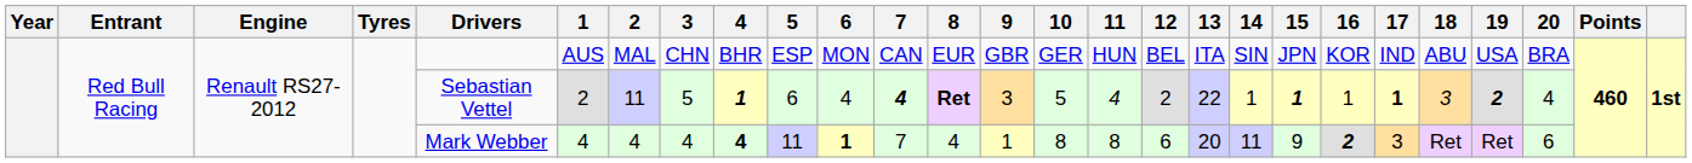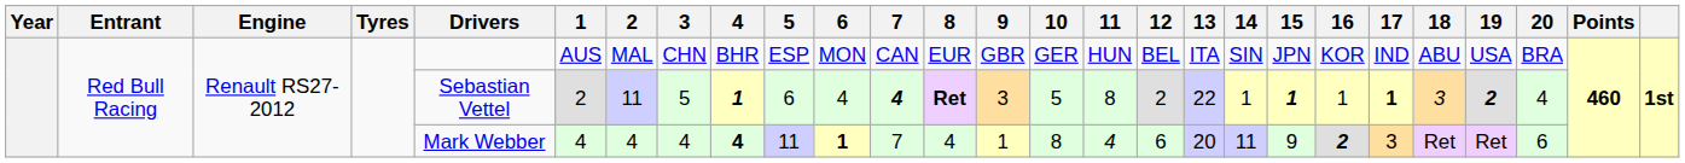 <table class="wikitable" style="text-align:center; font-size:95%">
 <tr>
 <th>Year</th>
 <th>Entrant</th>
 <th>Engine</th>
 <th>Tyres</th>
 <th>Drivers</th>
 <th>1</th>
 <th>2</th>
 <th>3</th>
 <th>4</th>
 <th>5</th>
 <th>6</th>
 <th>7</th>
 <th>8</th>
 <th>9</th>
 <th>10</th>
 <th>11</th>
 <th>12</th>
 <th>13</th>
 <th>14</th>
 <th>15</th>
 <th>16</th>
 <th>17</th>
 <th>18</th>
 <th>19</th>
 <th>20</th>
 <th>Points</th>
 <th></th>
 </tr>
 <tr>
 <th rowspan=3></th>
 <td rowspan=3><a href='#'>Red Bull Racing</a></td>
 <td rowspan=3><a href='#'>Renault</a> RS27-2012</td>
 <td rowspan=3></td>
 <td></td>
 <td><a href='#'>AUS</a></td>
 <td><a href='#'>MAL</a></td>
 <td><a href='#'>CHN</a></td>
 <td><a href='#'>BHR</a></td>
 <td><a href='#'>ESP</a></td>
 <td><a href='#'>MON</a></td>
 <td><a href='#'>CAN</a></td>
 <td><a href='#'>EUR</a></td>
 <td><a href='#'>GBR</a></td>
 <td><a href='#'>GER</a></td>
 <td><a href='#'>HUN</a></td>
 <td><a href='#'>BEL</a></td>
 <td><a href='#'>ITA</a></td>
 <td><a href='#'>SIN</a></td>
 <td><a href='#'>JPN</a></td>
 <td><a href='#'>KOR</a></td>
 <td><a href='#'>IND</a></td>
 <td><a href='#'>ABU</a></td>
 <td><a href='#'>USA</a></td>
 <td><a href='#'>BRA</a></td>
 <td rowspan="3" style="background:#ffffbf;"><strong>460</strong></td>
 <td rowspan="3" style="background:#ffffbf;"><strong>1st</strong></td>
 </tr>
 <tr>
 <td> <a href='#'>Sebastian Vettel</a></td>
 <td style="background:#dfdfdf;">2</td>
 <td style="background:#cfcfff;">11</td>
 <td style="background:#dfffdf;">5</td>
 <td style="background:#ffffbf;"><strong><em>1</em></strong></td>
 <td style="background:#dfffdf;">6</td>
 <td style="background:#dfffdf;">4</td>
 <td style="background:#dfffdf;"><strong><em>4</em></strong></td>
 <td style="background:#efcfff;"><strong>Ret</strong></td>
 <td style="background:#ffdf9f;">3</td>
 <td style="background:#dfffdf;">5</td>
-<td style="background:#dfffdf;"><em>4</em></td>
+<td style="background:#dfffdf;">8</td>
 <td style="background:#dfdfdf;">2</td>
 <td style="background:#cfcfff;">22</td>
 <td style="background:#ffffbf;">1</td>
 <td style="background:#ffffbf;"><strong><em>1</em></strong></td>
 <td style="background:#ffffbf;">1</td>
 <td style="background:#ffffbf;"><strong>1</strong></td>
 <td style="background:#ffdf9f;"><em>3</em></td>
 <td style="background:#dfdfdf;"><strong><em>2</em></strong></td>
 <td style="background:#dfffdf;">4</td>
 </tr>
 <tr>
 <td> <a href='#'>Mark Webber</a></td>
 <td style="background:#dfffdf;">4</td>
 <td style="background:#dfffdf;">4</td>
 <td style="background:#dfffdf;">4</td>
 <td style="background:#dfffdf;"><strong>4</strong></td>
 <td style="background:#cfcfff;">11</td>
 <td style="background:#ffffbf;"><strong>1</strong></td>
 <td style="background:#dfffdf;">7</td>
 <td style="background:#dfffdf;">4</td>
 <td style="background:#ffffbf;">1</td>
 <td style="background:#dfffdf;">8</td>
-<td style="background:#dfffdf;">8</td>
+<td style="background:#dfffdf;"><em>4</em></td>
 <td style="background:#dfffdf;">6</td>
 <td style="background:#cfcfff;">20</td>
 <td style="background:#cfcfff;">11</td>
 <td style="background:#dfffdf;">9</td>
 <td style="background:#dfdfdf;"><strong><em>2</em></strong></td>
 <td style="background:#ffdf9f;">3</td>
 <td style="background:#efcfff;">Ret</td>
 <td style="background:#efcfff;">Ret</td>
 <td style="background:#dfffdf;">6</td>
 </tr>
 </table>
